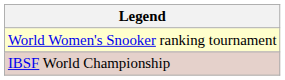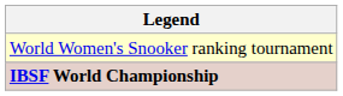 <table class="wikitable">
 <tr>
 <th>Legend</th>
 </tr>
 <tr style="background:#ffc;">
 <td><a href='#'>World Women's Snooker</a> ranking tournament</td>
 </tr>
 <tr bgcolor="#e5d1cb">
-<td><a href='#'>IBSF</a> World Championship</td>
+<td><strong><a href='#'>IBSF</a> World Championship</strong></td>
 </tr>
 </table>
